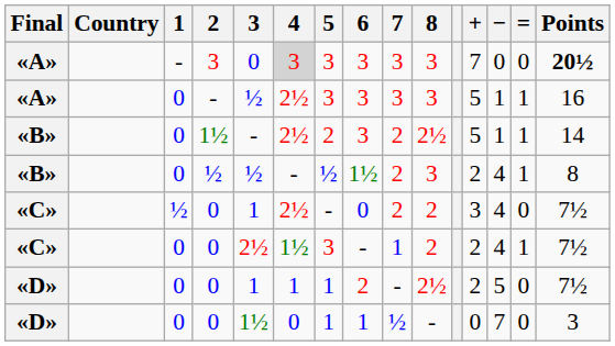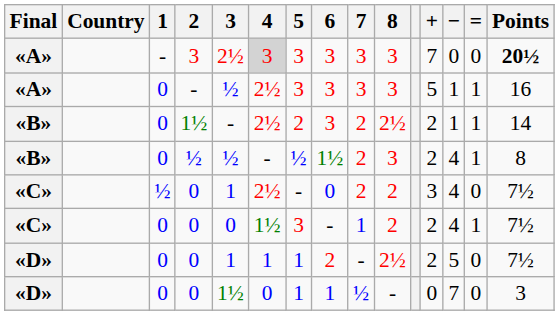 <table class="wikitable" style="text-align:center">
 <tr>
 <th>Final</th>
 <th>Country</th>
 <th>1</th>
 <th>2</th>
 <th>3</th>
 <th>4</th>
 <th>5</th>
 <th>6</th>
 <th>7</th>
 <th>8</th>
 <th></th>
 <th>+</th>
 <th>−</th>
 <th>=</th>
 <th>Points</th>
 </tr>
 <tr>
 <th>«A»</th>
 <td style="text-align: left"></td>
 <td>-</td>
 <td style="color:red;">3</td>
-<td style="color:blue;">0</td>
+<td style="color:red;">2½</td>
 <td style="background: lightgrey; color:red;">3</td>
 <td style="color:red;">3</td>
 <td style="color:red;">3</td>
 <td style="color:red;">3</td>
 <td style="color:red;">3</td>
 <th></th>
 <td>7</td>
 <td>0</td>
 <td>0</td>
 <td><strong>20½</strong></td>
 </tr>
 <tr>
 <th>«A»</th>
 <td style="text-align: left"></td>
 <td style="color:blue;">0</td>
 <td>-</td>
 <td style="color:blue;">½</td>
 <td style="color:red;">2½</td>
 <td style="color:red;">3</td>
 <td style="color:red;">3</td>
 <td style="color:red;">3</td>
 <td style="color:red;">3</td>
 <th></th>
 <td>5</td>
 <td>1</td>
 <td>1</td>
 <td>16</td>
 </tr>
 <tr>
 <th>«B»</th>
 <td style="text-align: left"></td>
 <td style="color:blue;">0</td>
 <td style="color:green;">1½</td>
 <td>-</td>
 <td style="color:red;">2½</td>
 <td style="color:red;">2</td>
 <td style="color:red;">3</td>
 <td style="color:red;">2</td>
 <td style="color:red;">2½</td>
 <th></th>
-<td>5</td>
+<td>2</td>
 <td>1</td>
 <td>1</td>
 <td>14</td>
 </tr>
 <tr>
 <th>«B»</th>
 <td style="text-align: left"></td>
 <td style="color:blue;">0</td>
 <td style="color:blue;">½</td>
 <td style="color:blue;">½</td>
 <td>-</td>
 <td style="color:blue;">½</td>
 <td style="color:green;">1½</td>
 <td style="color:red;">2</td>
 <td style="color:red;">3</td>
 <th></th>
 <td>2</td>
 <td>4</td>
 <td>1</td>
 <td>8</td>
 </tr>
 <tr>
 <th>«C»</th>
 <td style="text-align: left"></td>
 <td style="color:blue;">½</td>
 <td style="color:blue;">0</td>
 <td style="color:blue;">1</td>
 <td style="color:red;">2½</td>
 <td>-</td>
 <td style="color:blue;">0</td>
 <td style="color:red;">2</td>
 <td style="color:red;">2</td>
 <th></th>
 <td>3</td>
 <td>4</td>
 <td>0</td>
 <td>7½</td>
 </tr>
 <tr>
 <th>«C»</th>
 <td style="text-align: left"></td>
 <td style="color:blue;">0</td>
 <td style="color:blue;">0</td>
-<td style="color:red;">2½</td>
+<td style="color:blue;">0</td>
 <td style="color:green;">1½</td>
 <td style="color:red;">3</td>
 <td>-</td>
 <td style="color:blue;">1</td>
 <td style="color:red;">2</td>
 <th></th>
 <td>2</td>
 <td>4</td>
 <td>1</td>
 <td>7½</td>
 </tr>
 <tr>
 <th>«D»</th>
 <td style="text-align: left"></td>
 <td style="color:blue;">0</td>
 <td style="color:blue;">0</td>
 <td style="color:blue;">1</td>
 <td style="color:blue;">1</td>
 <td style="color:blue;">1</td>
 <td style="color:red;">2</td>
 <td>-</td>
 <td style="color:red;">2½</td>
 <th></th>
 <td>2</td>
 <td>5</td>
 <td>0</td>
 <td>7½</td>
 </tr>
 <tr>
 <th>«D»</th>
 <td style="text-align: left"></td>
 <td style="color:blue;">0</td>
 <td style="color:blue;">0</td>
 <td style="color:green;">1½</td>
 <td style="color:blue;">0</td>
 <td style="color:blue;">1</td>
 <td style="color:blue;">1</td>
 <td style="color:blue;">½</td>
 <td>-</td>
 <th></th>
 <td>0</td>
 <td>7</td>
 <td>0</td>
 <td>3</td>
 </tr>
 </table>
